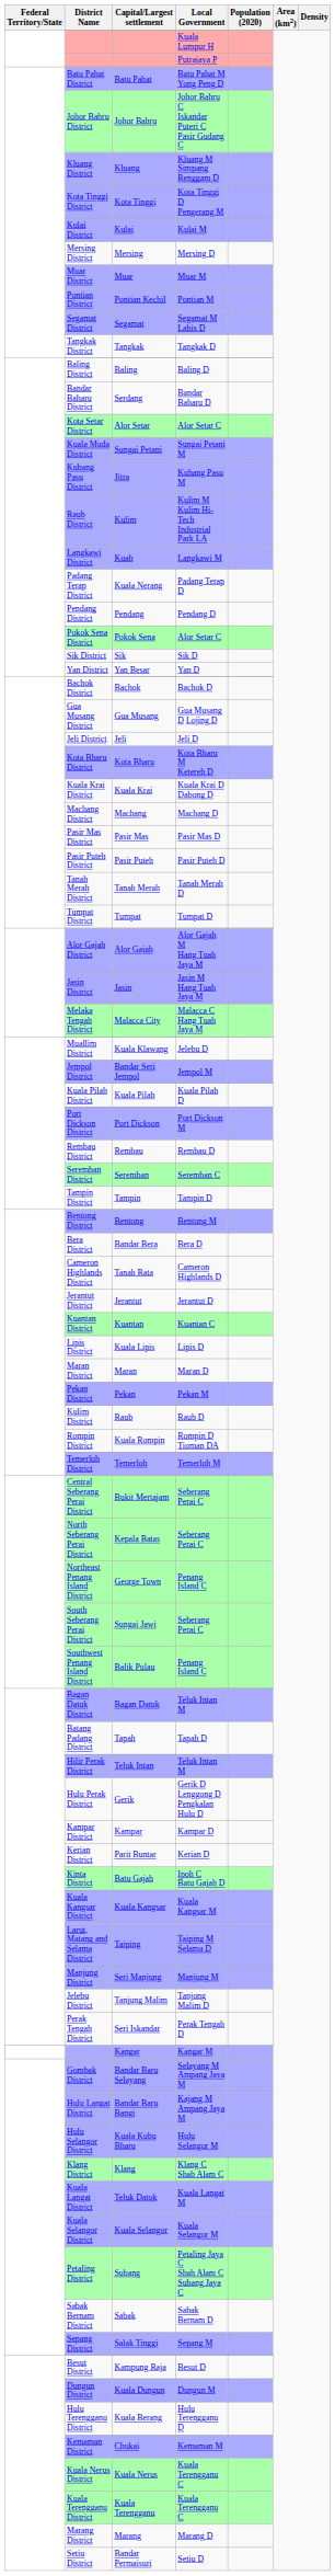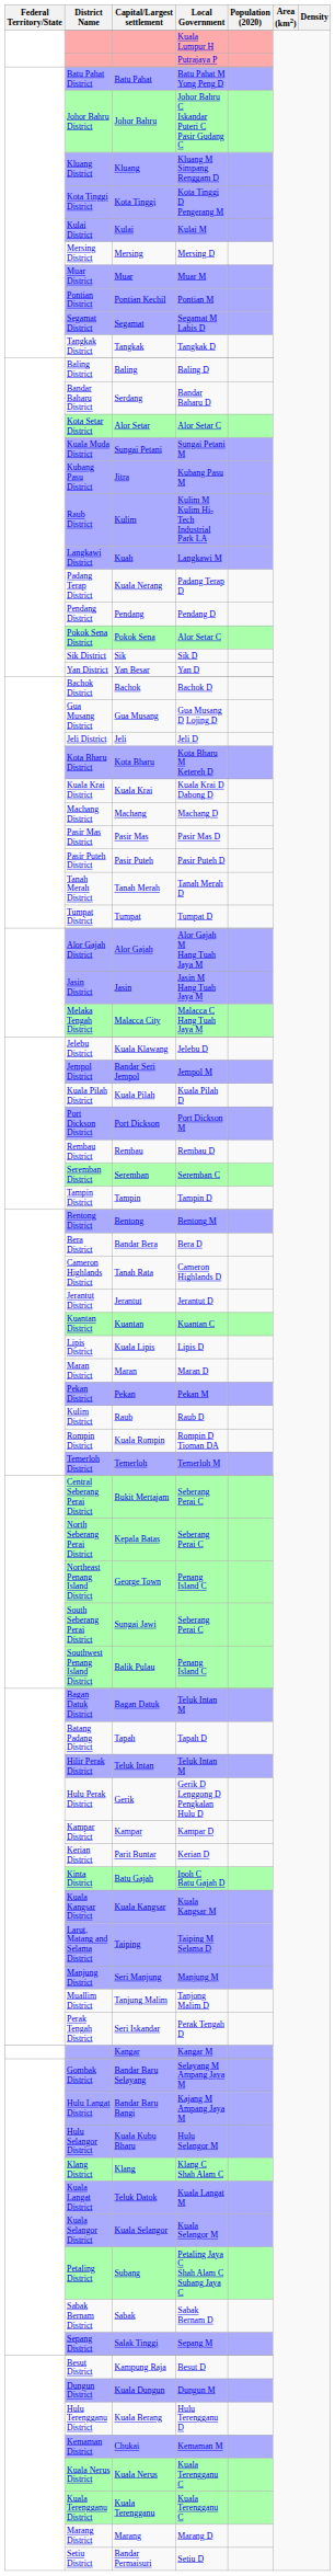 <table class="wikitable sortable">
 <tr>
 <th>Federal Territory/State</th>
 <th>District Name</th>
 <th>Capital/Largest settlement</th>
 <th>Local Government</th>
 <th>Population (2020)</th>
 <th>Area (km<sup>2</sup>)</th>
 <th>Density</th>
 </tr>
 <tr>
 <td rowspan="3" colspan="1" style="background:#fff;"></td>
 </tr>
 <tr style="background:#faa;">
 <td></td>
 <td></td>
 <td><a href='#'>Kuala Lumpur H</a></td>
 <td></td>
 </tr>
 <tr style="background:#faa;">
 <td></td>
 <td></td>
 <td><a href='#'>Putrajaya P</a></td>
 <td></td>
 </tr>
 <tr>
 <td rowspan="11" colspan="1" style="background:#fff;"></td>
 </tr>
 <tr style="background:#aaf;">
 <td> <a href='#'>Batu Pahat District</a></td>
 <td><a href='#'>Batu Pahat</a></td>
 <td><a href='#'>Batu Pahat M</a><br><a href='#'>Yong Peng D</a></td>
 <td></td>
 </tr>
 <tr style="background:#afa;">
 <td> <a href='#'>Johor Bahru District</a></td>
 <td><a href='#'>Johor Bahru</a></td>
 <td><a href='#'>Johor Bahru C</a><br><a href='#'>Iskandar Puteri C</a><br><a href='#'>Pasir Gudang C</a></td>
 <td></td>
 </tr>
 <tr style="background:#aaf;">
 <td> <a href='#'>Kluang District</a></td>
 <td><a href='#'>Kluang</a></td>
 <td><a href='#'>Kluang M</a><br><a href='#'>Simpang Renggam D</a></td>
 <td></td>
 </tr>
 <tr style="background:#aaf;">
 <td> <a href='#'>Kota Tinggi District</a></td>
 <td><a href='#'>Kota Tinggi</a></td>
 <td><a href='#'>Kota Tinggi D</a><br><a href='#'>Pengerang M</a></td>
 <td></td>
 </tr>
 <tr style="background:#aaf;">
 <td> <a href='#'>Kulai District</a></td>
 <td><a href='#'>Kulai</a></td>
 <td><a href='#'>Kulai M</a></td>
 <td></td>
 </tr>
 <tr>
 <td> <a href='#'>Mersing District</a></td>
 <td><a href='#'>Mersing</a></td>
 <td><a href='#'>Mersing D</a></td>
 <td></td>
 </tr>
 <tr style="background:#aaf;">
 <td> <a href='#'>Muar District</a></td>
 <td><a href='#'>Muar</a></td>
 <td><a href='#'>Muar M</a></td>
 <td></td>
 </tr>
 <tr style="background:#aaf;">
 <td> <a href='#'>Pontian District</a></td>
 <td><a href='#'>Pontian Kechil</a></td>
 <td><a href='#'>Pontian M</a></td>
 <td></td>
 </tr>
 <tr style="background:#aaf;">
 <td> <a href='#'>Segamat District</a></td>
 <td><a href='#'>Segamat</a></td>
 <td><a href='#'>Segamat M</a><br><a href='#'>Labis D</a></td>
 <td></td>
 </tr>
 <tr>
 <td> <a href='#'>Tangkak District</a></td>
 <td><a href='#'>Tangkak</a></td>
 <td><a href='#'>Tangkak D</a></td>
 <td></td>
 </tr>
 <tr>
 <td rowspan="13" colspan="1" style="background:#fff;"></td>
 </tr>
 <tr>
 <td><a href='#'>Baling District</a></td>
 <td><a href='#'>Baling</a></td>
 <td><a href='#'>Baling D</a></td>
 <td></td>
 </tr>
 <tr>
 <td><a href='#'>Bandar Baharu District</a></td>
 <td><a href='#'>Serdang</a></td>
 <td><a href='#'>Bandar Baharu D</a></td>
 <td></td>
 </tr>
 <tr style="background:#afa;">
 <td><a href='#'>Kota Setar District</a></td>
 <td><a href='#'>Alor Setar</a></td>
 <td><a href='#'>Alor Setar C</a></td>
 <td></td>
 </tr>
 <tr style="background:#aaf;">
 <td><a href='#'>Kuala Muda District</a></td>
 <td><a href='#'>Sungai Petani</a></td>
 <td><a href='#'>Sungai Petani M</a></td>
 <td></td>
 </tr>
 <tr style="background:#aaf;">
 <td><a href='#'>Kubang Pasu District</a></td>
 <td><a href='#'>Jitra</a></td>
 <td><a href='#'>Kubang Pasu M</a></td>
 <td></td>
 </tr>
 <tr style="background:#aaf;">
 <td><a href='#'>Raub District</a></td>
 <td><a href='#'>Kulim</a></td>
 <td><a href='#'>Kulim M</a><br><a href='#'>Kulim Hi-Tech <br>Industrial Park LA</a></td>
 <td></td>
 </tr>
 <tr style="background:#aaf;">
 <td><a href='#'>Langkawi District</a></td>
 <td><a href='#'>Kuah</a></td>
 <td><a href='#'>Langkawi M</a></td>
 <td></td>
 </tr>
 <tr>
 <td><a href='#'>Padang Terap District</a></td>
 <td><a href='#'>Kuala Nerang</a></td>
 <td><a href='#'>Padang Terap D</a></td>
 <td></td>
 </tr>
 <tr>
 <td><a href='#'>Pendang District</a></td>
 <td><a href='#'>Pendang</a></td>
 <td><a href='#'>Pendang D</a></td>
 <td></td>
 </tr>
 <tr style="background:#afa;">
 <td><a href='#'>Pokok Sena District</a></td>
 <td><a href='#'>Pokok Sena</a></td>
 <td><a href='#'>Alor Setar C</a></td>
 <td></td>
 </tr>
 <tr>
 <td><a href='#'>Sik District</a></td>
 <td><a href='#'>Sik</a></td>
 <td><a href='#'>Sik D</a></td>
 <td></td>
 </tr>
 <tr>
 <td><a href='#'>Yan District</a></td>
 <td><a href='#'>Yan Besar</a></td>
 <td><a href='#'>Yan D</a></td>
 <td></td>
 </tr>
 <tr>
 <td rowspan="11" colspan="1" style="background:#fff;"></td>
 </tr>
 <tr>
 <td> <a href='#'>Bachok District</a></td>
 <td><a href='#'>Bachok</a></td>
 <td><a href='#'>Bachok D</a></td>
 <td></td>
 </tr>
 <tr>
 <td> <a href='#'>Gua Musang District</a></td>
 <td><a href='#'>Gua Musang</a></td>
 <td><a href='#'>Gua Musang D</a> <a href='#'>Lojing D</a></td>
 <td></td>
 </tr>
 <tr>
 <td> <a href='#'>Jeli District</a></td>
 <td><a href='#'>Jeli</a></td>
 <td><a href='#'>Jeli D</a></td>
 <td></td>
 </tr>
 <tr style="background:#aaf;">
 <td> <a href='#'>Kota Bharu District</a></td>
 <td><a href='#'>Kota Bharu</a></td>
 <td><a href='#'>Kota Bharu M</a><br><a href='#'>Ketereh D</a></td>
 <td></td>
 </tr>
 <tr>
 <td> <a href='#'>Kuala Krai District</a></td>
 <td><a href='#'>Kuala Krai</a></td>
 <td><a href='#'>Kuala Krai D</a><br><a href='#'>Dabong D</a></td>
 <td></td>
 </tr>
 <tr>
 <td> <a href='#'>Machang District</a></td>
 <td><a href='#'>Machang</a></td>
 <td><a href='#'>Machang D</a></td>
 <td></td>
 </tr>
 <tr>
 <td> <a href='#'>Pasir Mas District</a></td>
 <td><a href='#'>Pasir Mas</a></td>
 <td><a href='#'>Pasir Mas D</a></td>
 <td></td>
 </tr>
 <tr>
 <td> <a href='#'>Pasir Puteh District</a></td>
 <td><a href='#'>Pasir Puteh</a></td>
 <td><a href='#'>Pasir Puteh D</a></td>
 <td></td>
 </tr>
 <tr>
 <td> <a href='#'>Tanah Merah District</a></td>
 <td><a href='#'>Tanah Merah</a></td>
 <td><a href='#'>Tanah Merah D</a></td>
 <td></td>
 </tr>
 <tr>
 <td> <a href='#'>Tumpat District</a></td>
 <td><a href='#'>Tumpat</a></td>
 <td><a href='#'>Tumpat D</a></td>
 <td></td>
 </tr>
 <tr>
 <td rowspan="4" colspan="1" style="background:#fff;"></td>
 </tr>
 <tr style="background:#aaf;">
 <td><a href='#'>Alor Gajah District</a></td>
 <td><a href='#'>Alor Gajah</a></td>
 <td><a href='#'>Alor Gajah M</a><br><a href='#'>Hang Tuah Jaya M</a></td>
 <td></td>
 </tr>
 <tr style="background:#aaf;">
 <td><a href='#'>Jasin District</a></td>
 <td><a href='#'>Jasin</a></td>
 <td><a href='#'>Jasin M</a><br><a href='#'>Hang Tuah Jaya M</a></td>
 <td></td>
 </tr>
 <tr style="background:#afa;">
 <td><a href='#'>Melaka Tengah District</a></td>
 <td><a href='#'>Malacca City</a></td>
 <td><a href='#'>Malacca C</a><br><a href='#'>Hang Tuah Jaya M</a></td>
 <td></td>
 </tr>
 <tr>
 <td rowspan="8" colspan="1" style="background:#fff;"></td>
 </tr>
 <tr>
-<td><a href='#'>Muallim District</a></td>
+<td><a href='#'>Jelebu District</a></td>
 <td><a href='#'>Kuala Klawang</a></td>
 <td><a href='#'>Jelebu D</a></td>
 <td></td>
 </tr>
 <tr style="background:#aaf;">
 <td><a href='#'>Jempol District</a></td>
 <td><a href='#'>Bandar Seri Jempol</a></td>
 <td><a href='#'>Jempol M</a></td>
 <td></td>
 </tr>
 <tr>
 <td><a href='#'>Kuala Pilah District</a></td>
 <td><a href='#'>Kuala Pilah</a></td>
 <td><a href='#'>Kuala Pilah D</a></td>
 <td></td>
 </tr>
 <tr style="background:#aaf;">
 <td><a href='#'>Port Dickson District</a></td>
 <td><a href='#'>Port Dickson</a></td>
 <td><a href='#'>Port Dickson M</a></td>
 <td></td>
 </tr>
 <tr>
 <td><a href='#'>Rembau District</a></td>
 <td><a href='#'>Rembau</a></td>
 <td><a href='#'>Rembau D</a></td>
 <td></td>
 </tr>
 <tr style="background:#afa;">
 <td><a href='#'>Seremban District</a></td>
 <td><a href='#'>Seremban</a></td>
 <td><a href='#'>Seremban C</a></td>
 <td></td>
 </tr>
 <tr>
 <td><a href='#'>Tampin District</a></td>
 <td><a href='#'>Tampin</a></td>
 <td><a href='#'>Tampin D</a></td>
 <td></td>
 </tr>
 <tr>
 <td rowspan="12" colspan="1" style="background:#fff;"></td>
 </tr>
 <tr style="background:#aaf;">
 <td><a href='#'>Bentong District</a></td>
 <td><a href='#'>Bentong</a></td>
 <td><a href='#'>Bentong M</a></td>
 <td></td>
 </tr>
 <tr>
 <td><a href='#'>Bera District</a></td>
 <td><a href='#'>Bandar Bera</a></td>
 <td><a href='#'>Bera D</a></td>
 <td></td>
 </tr>
 <tr>
 <td><a href='#'>Cameron Highlands District</a></td>
 <td><a href='#'>Tanah Rata</a></td>
 <td><a href='#'>Cameron Highlands D</a></td>
 <td></td>
 </tr>
 <tr>
 <td><a href='#'>Jerantut District</a></td>
 <td><a href='#'>Jerantut</a></td>
 <td><a href='#'>Jerantut D</a></td>
 <td></td>
 </tr>
 <tr style="background:#afa;">
 <td><a href='#'>Kuantan District</a></td>
 <td><a href='#'>Kuantan</a></td>
 <td><a href='#'>Kuantan C</a></td>
 <td></td>
 </tr>
 <tr>
 <td><a href='#'>Lipis District</a></td>
 <td><a href='#'>Kuala Lipis</a></td>
 <td><a href='#'>Lipis D</a></td>
 <td></td>
 </tr>
 <tr>
 <td><a href='#'>Maran District</a></td>
 <td><a href='#'>Maran</a></td>
 <td><a href='#'>Maran D</a></td>
 <td></td>
 </tr>
 <tr style="background:#aaf;">
 <td><a href='#'>Pekan District</a></td>
 <td><a href='#'>Pekan</a></td>
 <td><a href='#'>Pekan M</a></td>
 <td></td>
 </tr>
 <tr>
 <td><a href='#'>Kulim District</a></td>
 <td><a href='#'>Raub</a></td>
 <td><a href='#'>Raub D</a></td>
 <td></td>
 </tr>
 <tr>
 <td><a href='#'>Rompin District</a></td>
 <td><a href='#'>Kuala Rompin</a></td>
 <td><a href='#'>Rompin D</a><br><a href='#'>Tioman DA</a></td>
 <td></td>
 </tr>
 <tr style="background:#aaf;">
 <td><a href='#'>Temerloh District</a></td>
 <td><a href='#'>Temerloh</a></td>
 <td><a href='#'>Temerloh M</a></td>
 <td></td>
 </tr>
 <tr>
 <td style="background:#fff;" rowspan="6" colspan="1"></td>
 </tr>
 <tr style="background:#afa;">
 <td><a href='#'>Central Seberang Perai District</a></td>
 <td><a href='#'>Bukit Mertajam</a></td>
 <td><a href='#'>Seberang Perai C</a></td>
 <td></td>
 </tr>
 <tr style="background:#afa;">
 <td><a href='#'>North Seberang Perai District</a></td>
 <td><a href='#'>Kepala Batas</a></td>
 <td><a href='#'>Seberang Perai C</a></td>
 <td></td>
 </tr>
 <tr style="background:#afa;">
 <td><a href='#'>Northeast Penang Island District</a></td>
 <td><a href='#'>George Town</a></td>
 <td><a href='#'>Penang Island C</a></td>
 <td></td>
 </tr>
 <tr style="background:#afa;">
 <td><a href='#'>South Seberang Perai District</a></td>
 <td><a href='#'>Sungai Jawi</a></td>
 <td><a href='#'>Seberang Perai C</a></td>
 <td></td>
 </tr>
 <tr style="background:#afa;">
 <td><a href='#'>Southwest Penang Island District</a></td>
 <td><a href='#'>Balik Pulau</a></td>
 <td><a href='#'>Penang Island C</a></td>
 <td></td>
 </tr>
 <tr>
 <td rowspan="13" colspan="1" style="background:#fff;"></td>
 </tr>
 <tr style="background:#aaf;">
 <td><a href='#'>Bagan Datuk District</a></td>
 <td><a href='#'>Bagan Datuk</a></td>
 <td><a href='#'>Teluk Intan M</a></td>
 <td></td>
 </tr>
 <tr>
 <td><a href='#'>Batang Padang District</a></td>
 <td><a href='#'>Tapah</a></td>
 <td><a href='#'>Tapah D</a></td>
 <td></td>
 </tr>
 <tr style="background:#aaf;">
 <td><a href='#'>Hilir Perak District</a></td>
 <td><a href='#'>Teluk Intan</a></td>
 <td><a href='#'>Teluk Intan M</a></td>
 <td></td>
 </tr>
 <tr>
 <td><a href='#'>Hulu Perak District</a></td>
 <td><a href='#'>Gerik</a></td>
 <td><a href='#'>Gerik D</a><br><a href='#'>Lenggong D</a><br><a href='#'>Pengkalan Hulu D</a></td>
 <td></td>
 </tr>
 <tr>
 <td><a href='#'>Kampar District</a></td>
 <td><a href='#'>Kampar</a></td>
 <td><a href='#'>Kampar D</a></td>
 <td></td>
 </tr>
 <tr>
 <td><a href='#'>Kerian District</a></td>
 <td><a href='#'>Parit Buntar</a></td>
 <td><a href='#'>Kerian D</a></td>
 <td></td>
 </tr>
 <tr style="background:#afa;">
 <td><a href='#'>Kinta District</a></td>
 <td><a href='#'>Batu Gajah</a></td>
 <td><a href='#'>Ipoh C</a><br><a href='#'>Batu Gajah D</a></td>
 <td></td>
 </tr>
 <tr style="background:#aaf;">
 <td><a href='#'>Kuala Kangsar District</a></td>
 <td><a href='#'>Kuala Kangsar</a></td>
 <td><a href='#'>Kuala Kangsar M</a></td>
 <td></td>
 </tr>
 <tr style="background:#aaf;">
 <td><a href='#'>Larut, Matang and Selama District</a></td>
 <td><a href='#'>Taiping</a></td>
 <td><a href='#'>Taiping M</a><br><a href='#'>Selama D</a></td>
 <td></td>
 </tr>
 <tr style="background:#aaf;">
 <td><a href='#'>Manjung District</a></td>
 <td><a href='#'>Seri Manjung</a></td>
 <td><a href='#'>Manjung M</a></td>
 <td></td>
 </tr>
 <tr>
-<td><a href='#'>Jelebu District</a></td>
+<td><a href='#'>Muallim District</a></td>
 <td><a href='#'>Tanjung Malim</a></td>
 <td><a href='#'>Tanjong Malim D</a></td>
 <td></td>
 </tr>
 <tr>
 <td><a href='#'>Perak Tengah District</a></td>
 <td><a href='#'>Seri Iskandar</a></td>
 <td><a href='#'>Perak Tengah D</a></td>
 <td></td>
 </tr>
 <tr style="background:#aaf;">
 <td style="background:#fff;"></td>
 <td></td>
 <td><a href='#'>Kangar</a></td>
 <td><a href='#'>Kangar M</a></td>
 <td></td>
 </tr>
 <tr>
 <td rowspan="10" colspan="1" style="background:#fff;"></td>
 </tr>
 <tr style="background:#aaf;">
 <td><a href='#'>Gombak District</a></td>
 <td><a href='#'>Bandar Baru Selayang</a></td>
 <td><a href='#'>Selayang M</a><br><a href='#'>Ampang Jaya M</a></td>
 <td></td>
 </tr>
 <tr style="background:#aaf;">
 <td><a href='#'>Hulu Langat District</a></td>
 <td><a href='#'>Bandar Baru Bangi</a></td>
 <td><a href='#'>Kajang M</a><br><a href='#'>Ampang Jaya M</a></td>
 <td></td>
 </tr>
 <tr style="background:#aaf;">
 <td><a href='#'>Hulu Selangor District</a></td>
 <td><a href='#'>Kuala Kubu Bharu</a></td>
 <td><a href='#'>Hulu Selangor M</a></td>
 <td></td>
 </tr>
 <tr style="background:#afa;">
 <td><a href='#'>Klang District</a></td>
 <td><a href='#'>Klang</a></td>
 <td><a href='#'>Klang C</a><br><a href='#'>Shah Alam C</a></td>
 <td></td>
 </tr>
 <tr style="background:#aaf;">
 <td><a href='#'>Kuala Langat District</a></td>
 <td><a href='#'>Teluk Datok</a></td>
 <td><a href='#'>Kuala Langat M</a></td>
 <td></td>
 </tr>
 <tr style="background:#aaf;">
 <td><a href='#'>Kuala Selangor District</a></td>
 <td><a href='#'>Kuala Selangor</a></td>
 <td><a href='#'>Kuala Selangor M</a></td>
 <td></td>
 </tr>
 <tr style="background:#afa;">
 <td><a href='#'>Petaling District</a></td>
 <td><a href='#'>Subang</a></td>
 <td><a href='#'>Petaling Jaya C</a><br><a href='#'>Shah Alam C</a><br><a href='#'>Subang Jaya C</a></td>
 <td></td>
 </tr>
 <tr>
 <td><a href='#'>Sabak Bernam District</a></td>
 <td><a href='#'>Sabak</a></td>
 <td><a href='#'>Sabak Bernam D</a></td>
 <td></td>
 </tr>
 <tr style="background:#aaf;">
 <td><a href='#'>Sepang District</a></td>
 <td><a href='#'>Salak Tinggi</a></td>
 <td><a href='#'>Sepang M</a></td>
 <td></td>
 </tr>
 <tr>
 <td rowspan="9" colspan="1" style="background:#fff;"></td>
 </tr>
 <tr>
 <td> <a href='#'>Besut District</a></td>
 <td><a href='#'>Kampung Raja</a></td>
 <td><a href='#'>Besut D</a></td>
 <td></td>
 </tr>
 <tr style="background:#aaf;">
 <td> <a href='#'>Dungun District</a></td>
 <td><a href='#'>Kuala Dungun</a></td>
 <td><a href='#'>Dungun M</a></td>
 <td></td>
 </tr>
 <tr>
 <td> <a href='#'>Hulu Terengganu District</a></td>
 <td><a href='#'>Kuala Berang</a></td>
 <td><a href='#'>Hulu Terengganu D</a></td>
 <td></td>
 </tr>
 <tr style="background:#aaf;">
 <td> <a href='#'>Kemaman District</a></td>
 <td><a href='#'>Chukai</a></td>
 <td><a href='#'>Kemaman M</a></td>
 <td></td>
 </tr>
 <tr style="background:#afa;">
 <td> <a href='#'>Kuala Nerus District</a></td>
 <td><a href='#'>Kuala Nerus</a></td>
 <td><a href='#'>Kuala Terengganu C</a></td>
 <td></td>
 </tr>
 <tr style="background:#afa;">
 <td> <a href='#'>Kuala Terengganu District</a></td>
 <td><a href='#'>Kuala Terengganu</a></td>
 <td><a href='#'>Kuala Terengganu C</a></td>
 <td></td>
 </tr>
 <tr>
 <td> <a href='#'>Marang District</a></td>
 <td><a href='#'>Marang</a></td>
 <td><a href='#'>Marang D</a></td>
 <td></td>
 </tr>
 <tr>
 <td> <a href='#'>Setiu District</a></td>
 <td><a href='#'>Bandar Permaisuri</a></td>
 <td><a href='#'>Setiu D</a></td>
 <td></td>
 </tr>
 </table>
